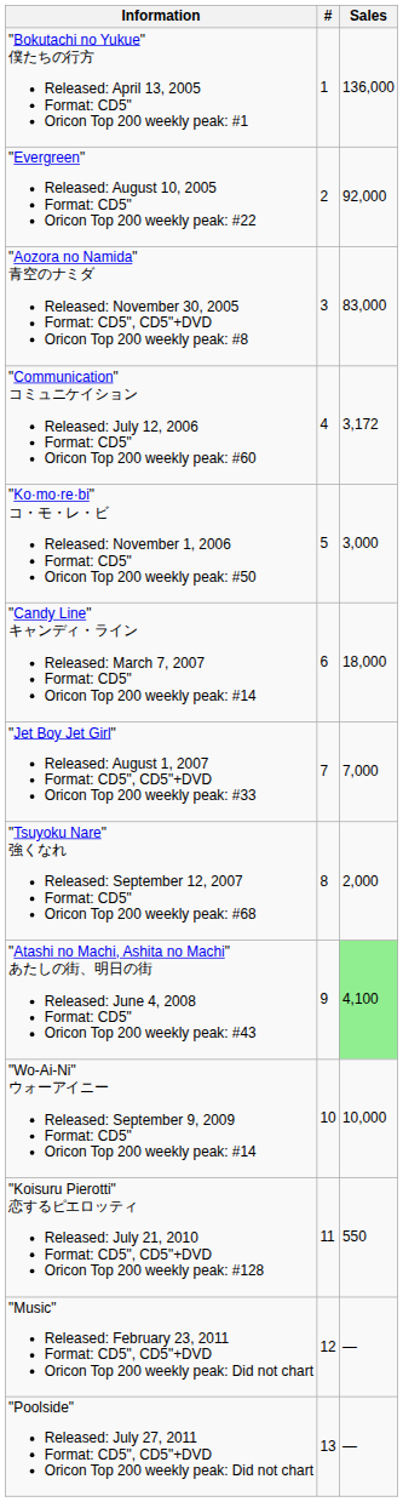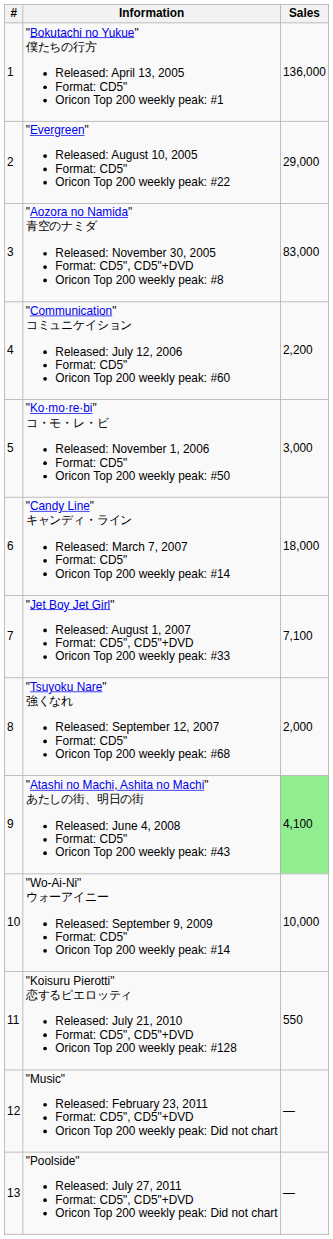 <table class="wikitable">
 <tr>
+<th scope="col">#</th>
 <th scope="col">Information</th>
-<th scope="col">#</th>
 <th scope="col">Sales</th>
 </tr>
 <tr>
+<td>1</td>
 <td align="left">"<a href='#'>Bokutachi no Yukue</a>"<br>僕たちの行方<br><ul><li>Released: April 13, 2005</li><li>Format: CD5"</li><li>Oricon Top 200 weekly peak: #1</li></ul></td>
-<td>1</td>
 <td align="left">136,000</td>
 </tr>
 <tr>
+<td>2</td>
 <td align="left">"<a href='#'>Evergreen</a>"<br><ul><li>Released: August 10, 2005</li><li>Format: CD5"</li><li>Oricon Top 200 weekly peak: #22</li></ul></td>
-<td>2</td>
-<td align="left">92,000</td>
+<td align="left">29,000</td>
 </tr>
 <tr>
+<td>3</td>
 <td align="left">"<a href='#'>Aozora no Namida</a>"<br>青空のナミダ<br><ul><li>Released: November 30, 2005</li><li>Format: CD5", CD5"+DVD</li><li>Oricon Top 200 weekly peak: #8</li></ul></td>
-<td>3</td>
 <td align="left">83,000</td>
 </tr>
 <tr>
+<td>4</td>
 <td align="left">"<a href='#'>Communication</a>"<br>コミュニケイション<br><ul><li>Released: July 12, 2006</li><li>Format: CD5"</li><li>Oricon Top 200 weekly peak: #60</li></ul></td>
-<td>4</td>
-<td align="left">3,172</td>
+<td align="left">2,200</td>
 </tr>
 <tr>
+<td>5</td>
 <td align="left">"<a href='#'>Ko·mo·re·bi</a>"<br>コ・モ・レ・ビ<br><ul><li>Released: November 1, 2006</li><li>Format: CD5"</li><li>Oricon Top 200 weekly peak: #50</li></ul></td>
-<td>5</td>
 <td align="left">3,000</td>
 </tr>
 <tr>
+<td>6</td>
 <td align="left">"<a href='#'>Candy Line</a>"<br>キャンディ・ライン<br><ul><li>Released: March 7, 2007</li><li>Format: CD5"</li><li>Oricon Top 200 weekly peak: #14</li></ul></td>
-<td>6</td>
 <td align="left">18,000</td>
 </tr>
 <tr>
+<td>7</td>
 <td align="left">"<a href='#'>Jet Boy Jet Girl</a>"<br><ul><li>Released: August 1, 2007</li><li>Format: CD5", CD5"+DVD</li><li>Oricon Top 200 weekly peak: #33</li></ul></td>
-<td>7</td>
-<td align="left">7,000</td>
+<td align="left">7,100</td>
 </tr>
 <tr>
+<td>8</td>
 <td align="left">"<a href='#'>Tsuyoku Nare</a>"<br>強くなれ<br><ul><li>Released: September 12, 2007</li><li>Format: CD5"</li><li>Oricon Top 200 weekly peak: #68</li></ul></td>
-<td>8</td>
 <td align="left">2,000</td>
 </tr>
 <tr>
+<td>9</td>
 <td align="left">"<a href='#'>Atashi no Machi, Ashita no Machi</a>"<br>あたしの街、明日の街<br><ul><li>Released: June 4, 2008</li><li>Format: CD5"</li><li>Oricon Top 200 weekly peak: #43</li></ul></td>
-<td>9</td>
 <td align="left" style="background: lightgreen;">4,100</td>
 </tr>
 <tr>
+<td>10</td>
 <td align="left">"Wo-Ai-Ni"<br>ウォーアイニー<br><ul><li>Released: September 9, 2009</li><li>Format: CD5"</li><li>Oricon Top 200 weekly peak: #14</li></ul></td>
-<td>10</td>
 <td align="left">10,000</td>
 </tr>
 <tr>
+<td>11</td>
 <td align="left">"Koisuru Pierotti"<br>恋するピエロッティ<br><ul><li>Released: July 21, 2010</li><li>Format: CD5", CD5"+DVD</li><li>Oricon Top 200 weekly peak: #128</li></ul></td>
-<td>11</td>
 <td align="left">550</td>
 </tr>
 <tr>
+<td>12</td>
 <td align="left">"Music"<br><ul><li>Released: February 23, 2011</li><li>Format: CD5", CD5"+DVD</li><li>Oricon Top 200 weekly peak: Did not chart</li></ul></td>
-<td>12</td>
 <td align="left">—</td>
 </tr>
 <tr>
+<td>13</td>
 <td align="left">"Poolside"<br><ul><li>Released: July 27, 2011</li><li>Format: CD5", CD5"+DVD</li><li>Oricon Top 200 weekly peak: Did not chart</li></ul></td>
-<td>13</td>
 <td align="left">—</td>
 </tr>
 </table>
